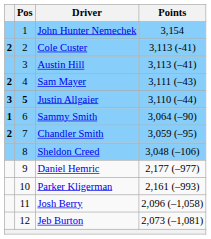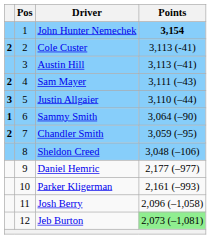 <table class="wikitable" style="font-size: 95%;">
 <tr>
 <th></th>
 <th>Pos</th>
 <th>Driver</th>
 <th>Points</th>
 </tr>
 <tr style="background:#87CEFA;">
 <td align="left"></td>
 <td style="text-align:center;">1</td>
 <td><a href='#'>John Hunter Nemechek</a></td>
-<td style="text-align:center;">3,154</td>
+<td style="text-align:center;"><strong>3,154</strong></td>
 </tr>
 <tr style="background:#87CEFA;">
 <td align="left"> <strong>2</strong></td>
 <td style="text-align:center;">2</td>
 <td><a href='#'>Cole Custer</a></td>
 <td style="text-align:center;">3,113 (-41)</td>
 </tr>
 <tr style="background:#87CEFA;">
 <td align="left"></td>
 <td style="text-align:center;">3</td>
 <td><a href='#'>Austin Hill</a></td>
 <td style="text-align:center;">3,113 (–41)</td>
 </tr>
 <tr style="background:#87CEFA;">
 <td align="left"> <strong>2</strong></td>
 <td style="text-align:center;">4</td>
 <td><a href='#'>Sam Mayer</a></td>
 <td style="text-align:center;">3,111 (–43)</td>
 </tr>
 <tr style="background:#87CEFA;">
 <td align="left"> <strong>3</strong></td>
-<td style="text-align:center;"><strong>5</strong></td>
+<td style="text-align:center;">5</td>
 <td><a href='#'>Justin Allgaier</a></td>
 <td style="text-align:center;">3,110 (–44)</td>
 </tr>
 <tr style="background:#87CEFA;">
 <td align="left"> <strong>1</strong></td>
 <td style="text-align:center;">6</td>
 <td><a href='#'>Sammy Smith</a></td>
 <td style="text-align:center;">3,064 (–90)</td>
 </tr>
 <tr style="background:#87CEFA;">
 <td align="left"> <strong>2</strong></td>
 <td style="text-align:center;">7</td>
 <td><a href='#'>Chandler Smith</a></td>
 <td style="text-align:center;">3,059 (–95)</td>
 </tr>
 <tr style="background:#87CEFA;">
 <td align="left"></td>
 <td style="text-align:center;">8</td>
 <td><a href='#'>Sheldon Creed</a></td>
 <td style="text-align:center;">3,048 (–106)</td>
 </tr>
 <tr>
 <td align="left"></td>
 <td style="text-align:center;">9</td>
 <td><a href='#'>Daniel Hemric</a></td>
 <td style="text-align:center;">2,177 (–977)</td>
 </tr>
 <tr>
 <td align="left"></td>
 <td style="text-align:center;">10</td>
 <td><a href='#'>Parker Kligerman</a></td>
 <td style="text-align:center;">2,161 (–993)</td>
 </tr>
 <tr>
 <td align="left"></td>
 <td style="text-align:center;">11</td>
 <td><a href='#'>Josh Berry</a></td>
 <td style="text-align:center;">2,096 (–1,058)</td>
 </tr>
 <tr>
 <td align="left"></td>
 <td style="text-align:center;">12</td>
 <td><a href='#'>Jeb Burton</a></td>
-<td style="text-align:center;">2,073 (–1,081)</td>
+<td style="background: lightgreen; text-align:center;">2,073 (–1,081)</td>
 </tr>
 <tr class="sortbottom">
 <th colspan="9"></th>
 </tr>
 </table>
